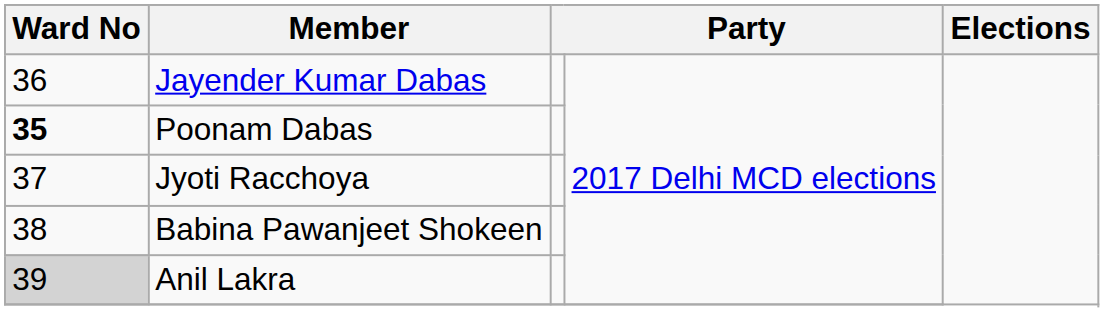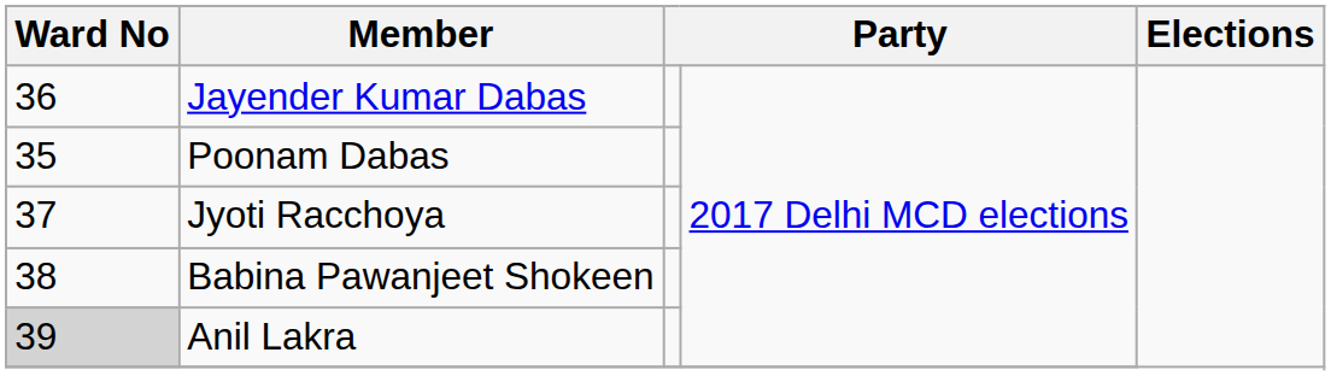 <table class="wikitable">
 <tr>
 <th>Ward No</th>
 <th>Member</th>
 <th colspan="2">Party</th>
 <th>Elections</th>
 </tr>
 <tr>
 <td>36</td>
 <td><a href='#'>Jayender Kumar Dabas</a></td>
 <td></td>
 <td rowspan=5><a href='#'>2017 Delhi MCD elections</a></td>
 </tr>
 <tr>
-<td><strong>35</strong></td>
+<td>35</td>
 <td>Poonam Dabas</td>
 <td></td>
 </tr>
 <tr>
 <td>37</td>
 <td>Jyoti Racchoya</td>
 <td></td>
 </tr>
 <tr>
 <td>38</td>
 <td>Babina Pawanjeet Shokeen</td>
 <td></td>
 </tr>
 <tr>
 <td style="background: lightgrey;">39</td>
 <td>Anil Lakra</td>
 <td></td>
 </tr>
 <tr>
 </tr>
 </table>
